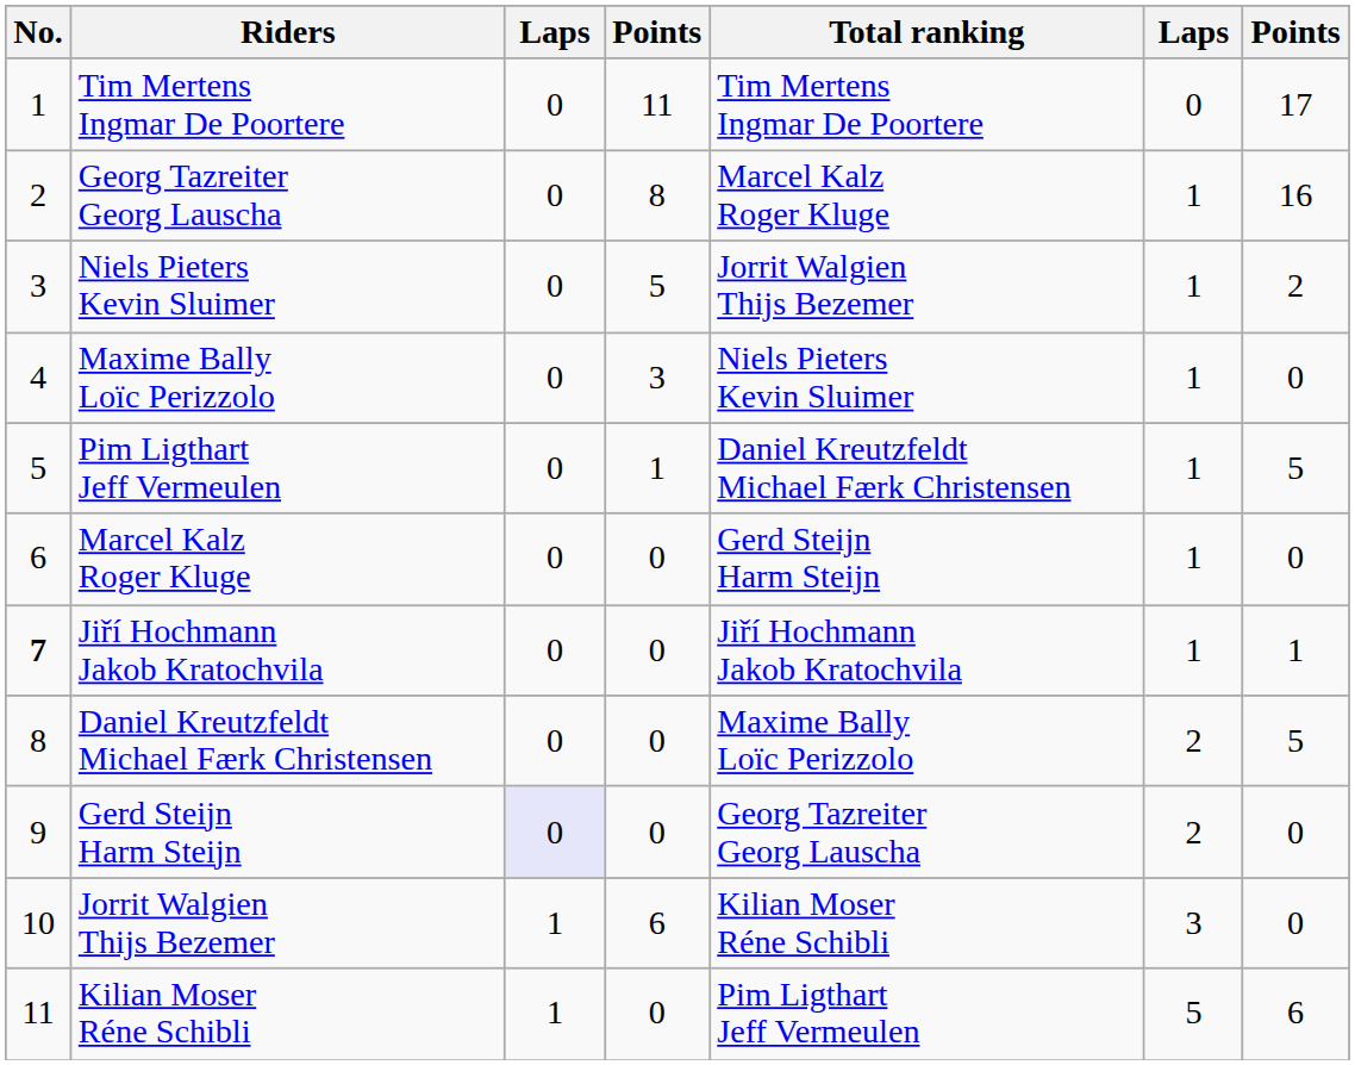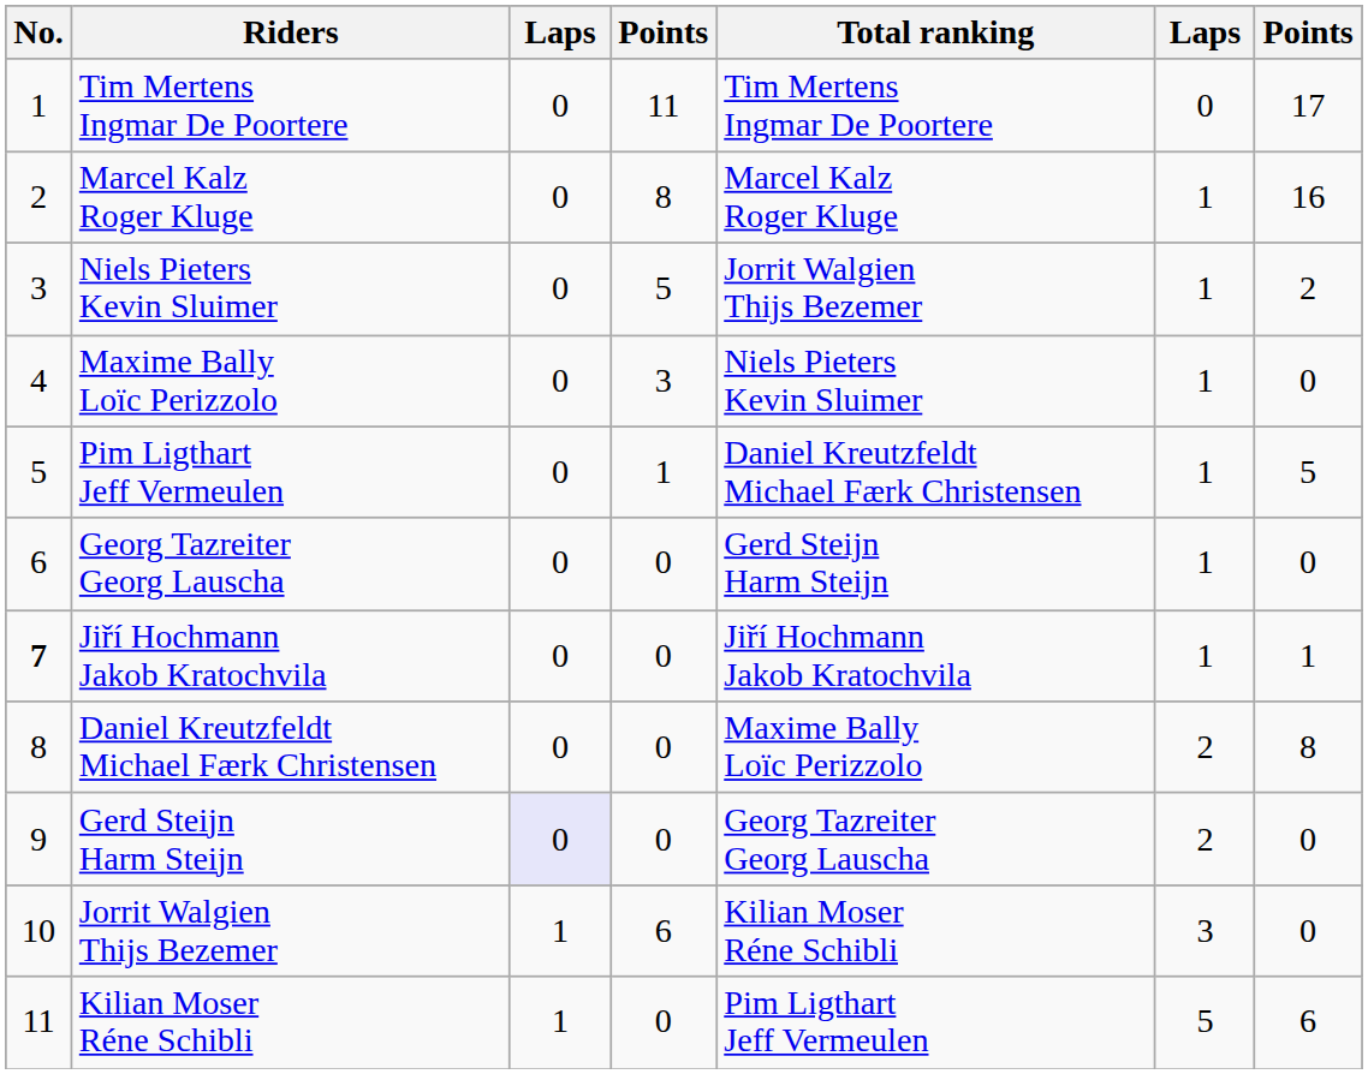 <table class="wikitable">
 <tr>
 <th width="20px">No.</th>
 <th width="200px">Riders</th>
 <th width="40px">Laps</th>
 <th width="40px">Points</th>
 <th width="200px">Total ranking</th>
 <th width="40px">Laps</th>
 <th width="40px">Points</th>
 </tr>
 <tr align=center>
 <td>1</td>
 <td align=left> <a href='#'>Tim Mertens</a><br>  <a href='#'>Ingmar De Poortere</a></td>
 <td>0</td>
 <td>11</td>
 <td align=left> <a href='#'>Tim Mertens</a><br>  <a href='#'>Ingmar De Poortere</a></td>
 <td>0</td>
 <td>17</td>
 </tr>
 <tr align=center>
 <td>2</td>
-<td align=left> <a href='#'>Georg Tazreiter</a><br>  <a href='#'>Georg Lauscha</a></td>
+<td align=left> <a href='#'>Marcel Kalz</a><br>  <a href='#'>Roger Kluge</a></td>
 <td>0</td>
 <td>8</td>
 <td align=left> <a href='#'>Marcel Kalz</a><br>  <a href='#'>Roger Kluge</a></td>
 <td>1</td>
 <td>16</td>
 </tr>
 <tr align=center>
 <td>3</td>
 <td align=left> <a href='#'>Niels Pieters</a><br>  <a href='#'>Kevin Sluimer</a></td>
 <td>0</td>
 <td>5</td>
 <td align=left> <a href='#'>Jorrit Walgien</a><br>  <a href='#'>Thijs Bezemer</a></td>
 <td>1</td>
 <td>2</td>
 </tr>
 <tr align=center>
 <td>4</td>
 <td align=left> <a href='#'>Maxime Bally</a><br>  <a href='#'>Loïc Perizzolo</a></td>
 <td>0</td>
 <td>3</td>
 <td align=left> <a href='#'>Niels Pieters</a><br>  <a href='#'>Kevin Sluimer</a></td>
 <td>1</td>
 <td>0</td>
 </tr>
 <tr align=center>
 <td>5</td>
 <td align=left> <a href='#'>Pim Ligthart</a><br>  <a href='#'>Jeff Vermeulen</a></td>
 <td>0</td>
 <td>1</td>
 <td align=left> <a href='#'>Daniel Kreutzfeldt</a><br>  <a href='#'>Michael Færk Christensen</a></td>
 <td>1</td>
 <td>5</td>
 </tr>
 <tr align=center>
 <td>6</td>
-<td align=left> <a href='#'>Marcel Kalz</a><br>  <a href='#'>Roger Kluge</a></td>
+<td align=left> <a href='#'>Georg Tazreiter</a><br>  <a href='#'>Georg Lauscha</a></td>
 <td>0</td>
 <td>0</td>
 <td align=left> <a href='#'>Gerd Steijn</a><br>  <a href='#'>Harm Steijn</a></td>
 <td>1</td>
 <td>0</td>
 </tr>
 <tr align=center>
 <td><strong>7</strong></td>
 <td align=left> <a href='#'>Jiří Hochmann</a><br>  <a href='#'>Jakob Kratochvila</a></td>
 <td>0</td>
 <td>0</td>
 <td align=left> <a href='#'>Jiří Hochmann</a><br>  <a href='#'>Jakob Kratochvila</a></td>
 <td>1</td>
 <td>1</td>
 </tr>
 <tr align=center>
 <td>8</td>
 <td align=left> <a href='#'>Daniel Kreutzfeldt</a><br>  <a href='#'>Michael Færk Christensen</a></td>
 <td>0</td>
 <td>0</td>
 <td align=left> <a href='#'>Maxime Bally</a><br>  <a href='#'>Loïc Perizzolo</a></td>
 <td>2</td>
-<td>5</td>
+<td>8</td>
 </tr>
 <tr align=center>
 <td>9</td>
 <td align=left> <a href='#'>Gerd Steijn</a><br>  <a href='#'>Harm Steijn</a></td>
 <td style="background: lavender;">0</td>
 <td>0</td>
 <td align=left> <a href='#'>Georg Tazreiter</a><br>  <a href='#'>Georg Lauscha</a></td>
 <td>2</td>
 <td>0</td>
 </tr>
 <tr align=center>
 <td>10</td>
 <td align=left> <a href='#'>Jorrit Walgien</a><br>  <a href='#'>Thijs Bezemer</a></td>
 <td>1</td>
 <td>6</td>
 <td align=left> <a href='#'>Kilian Moser</a><br>  <a href='#'>Réne Schibli</a></td>
 <td>3</td>
 <td>0</td>
 </tr>
 <tr align=center>
 <td>11</td>
 <td align=left> <a href='#'>Kilian Moser</a><br>  <a href='#'>Réne Schibli</a></td>
 <td>1</td>
 <td>0</td>
 <td align=left> <a href='#'>Pim Ligthart</a><br>  <a href='#'>Jeff Vermeulen</a></td>
 <td>5</td>
 <td>6</td>
 </tr>
 </table>
